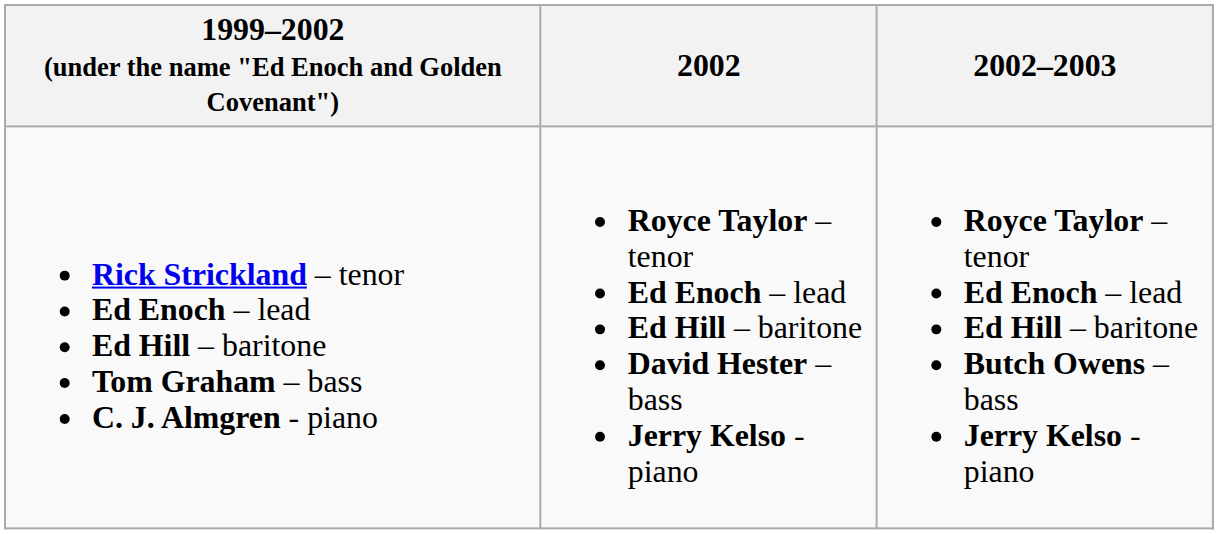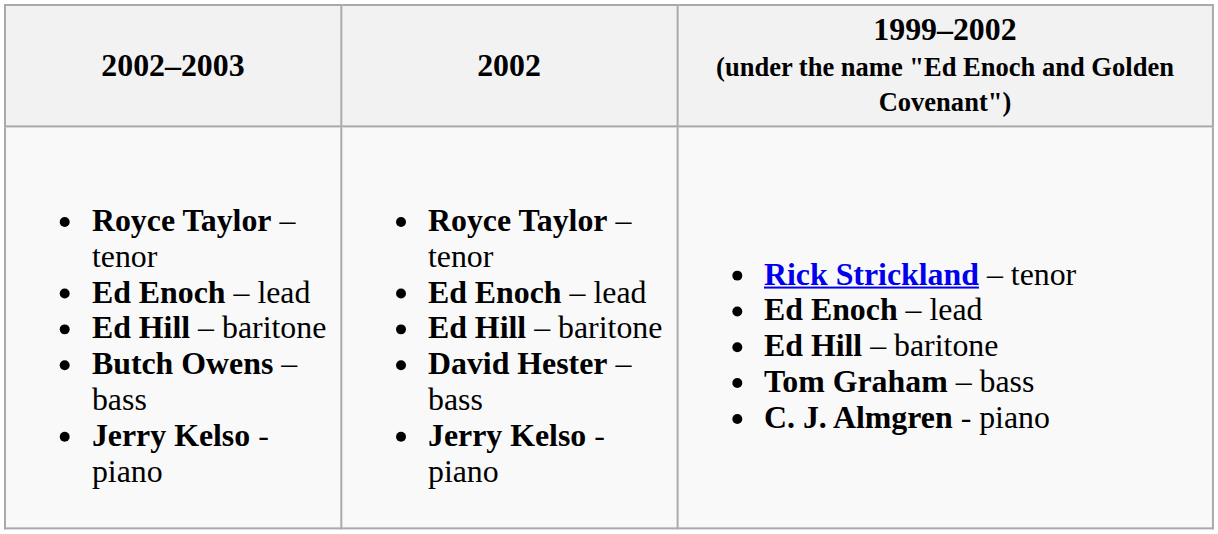 <table class="wikitable">
 <tr>
+<th>2002–2003</th>
+<th>2002</th>
 <th>1999–2002<br><small>(under the name "Ed Enoch and Golden Covenant")</small></th>
-<th>2002</th>
-<th>2002–2003</th>
 </tr>
 <tr>
+<td><br><ul><li><strong>Royce Taylor</strong> – tenor</li><li><strong>Ed Enoch</strong> – lead</li><li><strong>Ed Hill</strong> – baritone</li><li><strong>Butch Owens</strong> – bass</li><li><strong>Jerry Kelso</strong> - piano</li></ul></td>
+<td><br><ul><li><strong>Royce Taylor</strong> – tenor</li><li><strong>Ed Enoch</strong> – lead</li><li><strong>Ed Hill</strong> – baritone</li><li><strong>David Hester</strong> – bass</li><li><strong>Jerry Kelso</strong> - piano</li></ul></td>
 <td><br><ul><li><strong><a href='#'>Rick Strickland</a></strong> – tenor</li><li><strong>Ed Enoch</strong> – lead</li><li><strong>Ed Hill</strong> – baritone</li><li><strong>Tom Graham</strong> – bass</li><li><strong>C. J. Almgren</strong> - piano</li></ul></td>
-<td><br><ul><li><strong>Royce Taylor</strong> – tenor</li><li><strong>Ed Enoch</strong> – lead</li><li><strong>Ed Hill</strong> – baritone</li><li><strong>David Hester</strong> – bass</li><li><strong>Jerry Kelso</strong> - piano</li></ul></td>
-<td><br><ul><li><strong>Royce Taylor</strong> – tenor</li><li><strong>Ed Enoch</strong> – lead</li><li><strong>Ed Hill</strong> – baritone</li><li><strong>Butch Owens</strong> – bass</li><li><strong>Jerry Kelso</strong> - piano</li></ul></td>
 </tr>
 </table>
